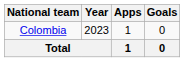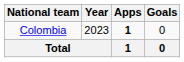 <table class="wikitable" style="text-align: center;">
 <tr>
 <th>National team</th>
 <th>Year</th>
 <th>Apps</th>
 <th>Goals</th>
 </tr>
 <tr>
 <td rowspan="1"><a href='#'>Colombia</a></td>
 <td>2023</td>
-<td>1</td>
+<td><strong>1</strong></td>
 <td>0</td>
 </tr>
 <tr>
 <th colspan="2">Total</th>
 <th>1</th>
 <th>0</th>
 </tr>
 </table>
